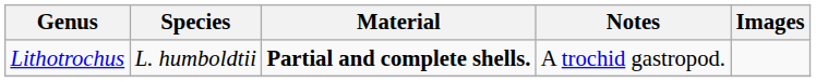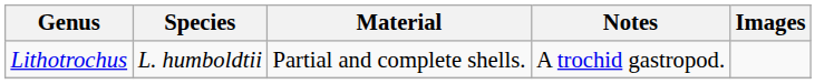 <table class="wikitable" align="center">
 <tr>
 <th>Genus</th>
 <th>Species</th>
 <th>Material</th>
 <th>Notes</th>
 <th>Images</th>
 </tr>
 <tr>
 <td><em><a href='#'>Lithotrochus</a></em></td>
 <td><em>L. humboldtii</em></td>
-<td><strong>Partial and complete shells.</strong></td>
+<td>Partial and complete shells.</td>
 <td>A <a href='#'>trochid</a> gastropod.</td>
 <td></td>
 </tr>
 <tr>
 </tr>
 </table>
